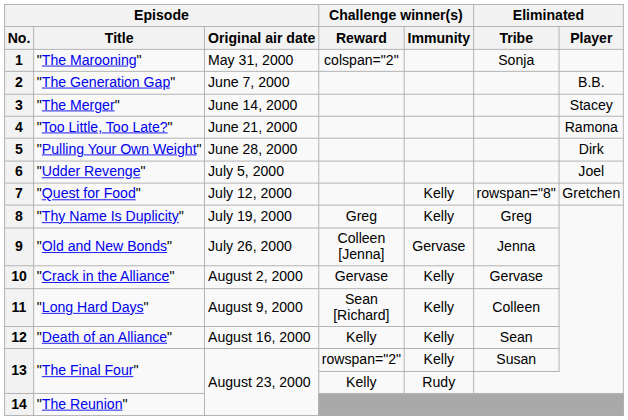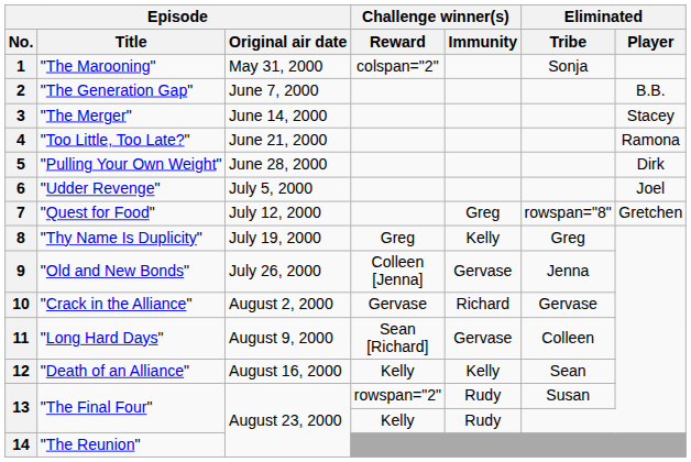 <table class="wikitable nowrap" style="margin:auto; text-align:center;">
 <tr>
 <th scope="colgroup" colspan="3">Episode</th>
 <th scope="colgroup" colspan="2">Challenge winner(s)</th>
 <th scope="colgroup" colspan="2">Eliminated</th>
 </tr>
 <tr>
 <th scope="col">No.</th>
 <th scope="col">Title</th>
 <th scope="col">Original air date</th>
 <th scope="col">Reward</th>
 <th scope="col">Immunity</th>
 <th scope="col">Tribe</th>
 <th scope="col">Player</th>
 </tr>
 <tr>
 <th>1</th>
 <td style="text-align:left;">"<a href='#'>The Marooning</a>"</td>
 <td style="text-align:left;">May 31, 2000</td>
 <td>colspan="2" </td>
 <td></td>
 <td>Sonja</td>
 </tr>
 <tr>
 <th>2</th>
 <td style="text-align:left;">"<a href='#'>The Generation Gap</a>"</td>
 <td style="text-align:left;">June 7, 2000</td>
 <td></td>
 <td></td>
 <td></td>
 <td>B.B.</td>
 </tr>
 <tr>
 <th>3</th>
 <td style="text-align:left;">"<a href='#'>The Merger</a>"</td>
 <td style="text-align:left;">June 14, 2000</td>
 <td></td>
 <td></td>
 <td></td>
 <td>Stacey</td>
 </tr>
 <tr>
 <th>4</th>
 <td style="text-align:left;">"<a href='#'>Too Little, Too Late?</a>"</td>
 <td style="text-align:left;">June 21, 2000</td>
 <td></td>
 <td></td>
 <td></td>
 <td>Ramona</td>
 </tr>
 <tr>
 <th>5</th>
 <td style="text-align:left;">"<a href='#'>Pulling Your Own Weight</a>"</td>
 <td style="text-align:left;">June 28, 2000</td>
 <td></td>
 <td></td>
 <td></td>
 <td>Dirk</td>
 </tr>
 <tr>
 <th>6</th>
 <td style="text-align:left;">"<a href='#'>Udder Revenge</a>"</td>
 <td style="text-align:left;">July 5, 2000</td>
 <td></td>
 <td></td>
 <td></td>
 <td>Joel</td>
 </tr>
 <tr>
 <th>7</th>
 <td style="text-align:left;">"<a href='#'>Quest for Food</a>"</td>
 <td style="text-align:left;">July 12, 2000</td>
 <td></td>
-<td>Kelly</td>
+<td>Greg</td>
 <td>rowspan="8" </td>
 <td>Gretchen</td>
 </tr>
 <tr>
 <th>8</th>
 <td style="text-align:left;">"<a href='#'>Thy Name Is Duplicity</a>"</td>
 <td style="text-align:left;">July 19, 2000</td>
 <td>Greg</td>
 <td>Kelly</td>
 <td>Greg</td>
 </tr>
 <tr>
 <th>9</th>
 <td style="text-align:left;">"<a href='#'>Old and New Bonds</a>"</td>
 <td style="text-align:left;">July 26, 2000</td>
 <td>Colleen<br>[Jenna]</td>
 <td>Gervase</td>
 <td>Jenna</td>
 </tr>
 <tr>
 <th>10</th>
 <td style="text-align:left;">"<a href='#'>Crack in the Alliance</a>"</td>
 <td style="text-align:left;">August 2, 2000</td>
 <td>Gervase</td>
-<td>Kelly</td>
+<td>Richard</td>
 <td>Gervase</td>
 </tr>
 <tr>
 <th>11</th>
 <td style="text-align:left;">"<a href='#'>Long Hard Days</a>"</td>
 <td style="text-align:left;">August 9, 2000</td>
 <td>Sean<br>[Richard]</td>
-<td>Kelly</td>
+<td>Gervase</td>
 <td>Colleen</td>
 </tr>
 <tr>
 <th>12</th>
 <td style="text-align:left;">"<a href='#'>Death of an Alliance</a>"</td>
 <td style="text-align:left;">August 16, 2000</td>
 <td>Kelly</td>
 <td>Kelly</td>
 <td>Sean</td>
 </tr>
 <tr>
 <th rowspan="2">13</th>
 <td rowspan="2" style="text-align:left;">"<a href='#'>The Final Four</a>"</td>
 <td rowspan="3" style="text-align:left;">August 23, 2000</td>
 <td>rowspan="2" </td>
-<td>Kelly</td>
+<td>Rudy</td>
 <td>Susan</td>
 </tr>
 <tr>
 <td>Kelly</td>
 <td>Rudy</td>
 </tr>
 <tr>
 <th>14</th>
 <td style="text-align:left;">"<a href='#'>The Reunion</a>"</td>
 <td colspan="4" style="background-color:darkgrey;"></td>
 </tr>
 </table>
